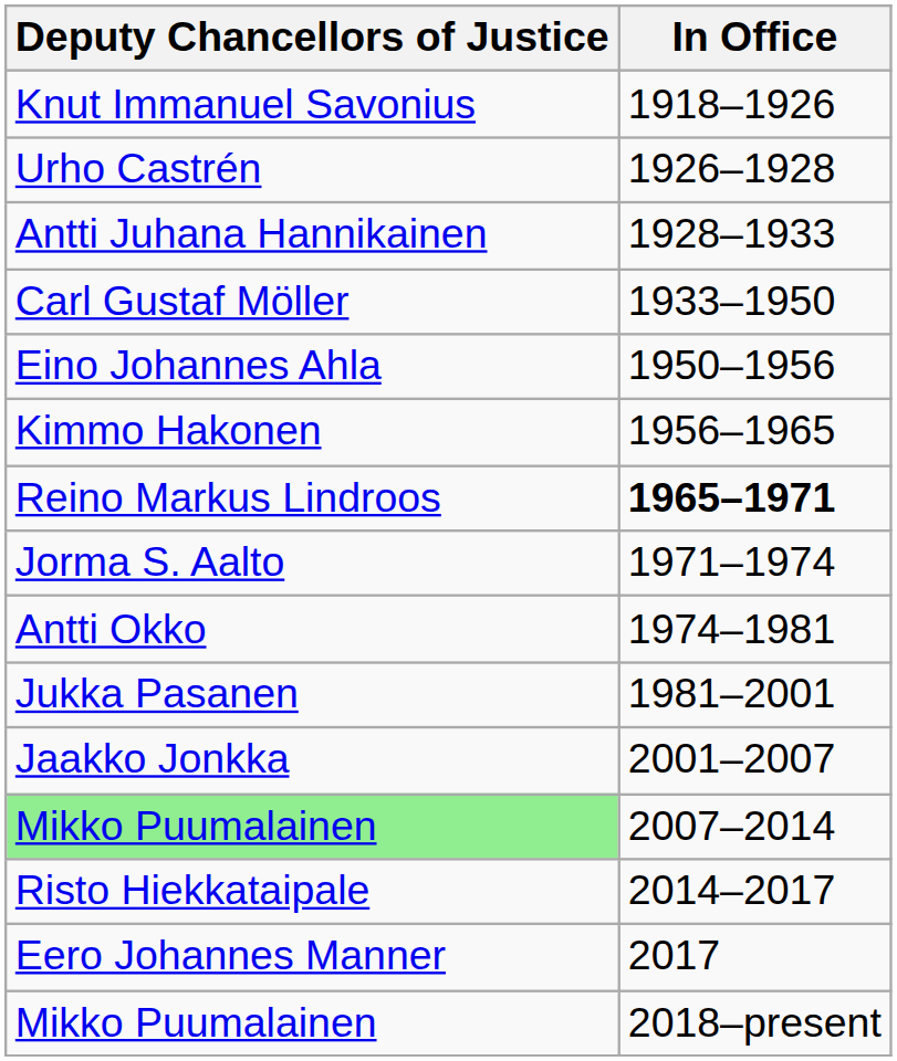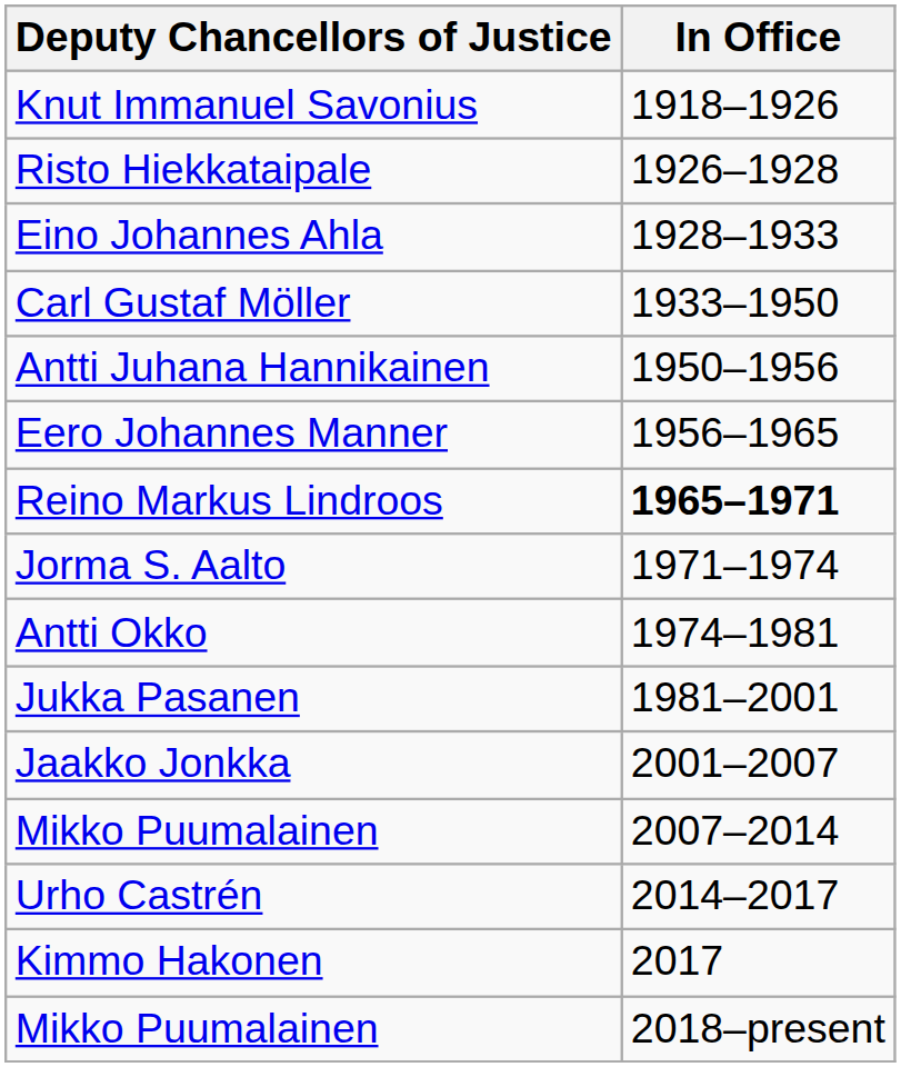 <table class="wikitable sortable">
 <tr>
 <th>Deputy Chancellors of Justice</th>
 <th>In Office</th>
 </tr>
 <tr>
 <td><a href='#'>Knut Immanuel Savonius</a></td>
 <td>1918–1926</td>
 </tr>
 <tr>
-<td><a href='#'>Urho Castrén</a></td>
+<td><a href='#'>Risto Hiekkataipale</a></td>
 <td>1926–1928</td>
 </tr>
 <tr>
-<td><a href='#'>Antti Juhana Hannikainen</a></td>
+<td><a href='#'>Eino Johannes Ahla</a></td>
 <td>1928–1933</td>
 </tr>
 <tr>
 <td><a href='#'>Carl Gustaf Möller</a></td>
 <td>1933–1950</td>
 </tr>
 <tr>
-<td><a href='#'>Eino Johannes Ahla</a></td>
+<td><a href='#'>Antti Juhana Hannikainen</a></td>
 <td>1950–1956</td>
 </tr>
 <tr>
-<td><a href='#'>Kimmo Hakonen</a></td>
+<td><a href='#'>Eero Johannes Manner</a></td>
 <td>1956–1965</td>
 </tr>
 <tr>
 <td><a href='#'>Reino Markus Lindroos</a></td>
 <td><strong>1965–1971</strong></td>
 </tr>
 <tr>
 <td><a href='#'>Jorma S. Aalto</a></td>
 <td>1971–1974</td>
 </tr>
 <tr>
 <td><a href='#'>Antti Okko</a></td>
 <td>1974–1981</td>
 </tr>
 <tr>
 <td><a href='#'>Jukka Pasanen</a></td>
 <td>1981–2001</td>
 </tr>
 <tr>
 <td><a href='#'>Jaakko Jonkka</a></td>
 <td>2001–2007</td>
 </tr>
 <tr>
-<td style="background: lightgreen;"><a href='#'>Mikko Puumalainen</a></td>
+<td><a href='#'>Mikko Puumalainen</a></td>
 <td>2007–2014</td>
 </tr>
 <tr>
-<td><a href='#'>Risto Hiekkataipale</a></td>
+<td><a href='#'>Urho Castrén</a></td>
 <td>2014–2017</td>
 </tr>
 <tr>
-<td><a href='#'>Eero Johannes Manner</a></td>
+<td><a href='#'>Kimmo Hakonen</a></td>
 <td>2017</td>
 </tr>
 <tr>
 <td><a href='#'>Mikko Puumalainen</a></td>
 <td>2018–present</td>
 </tr>
 </table>
